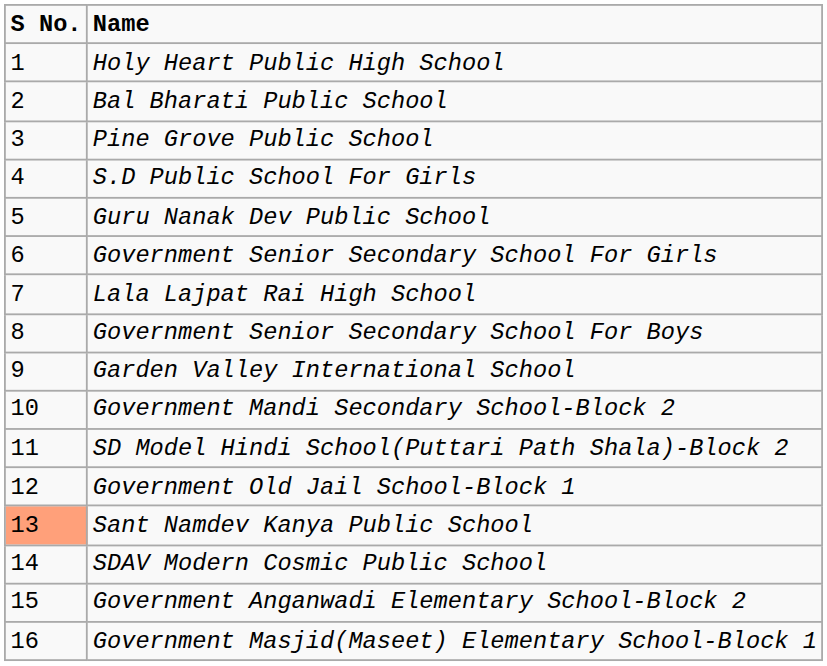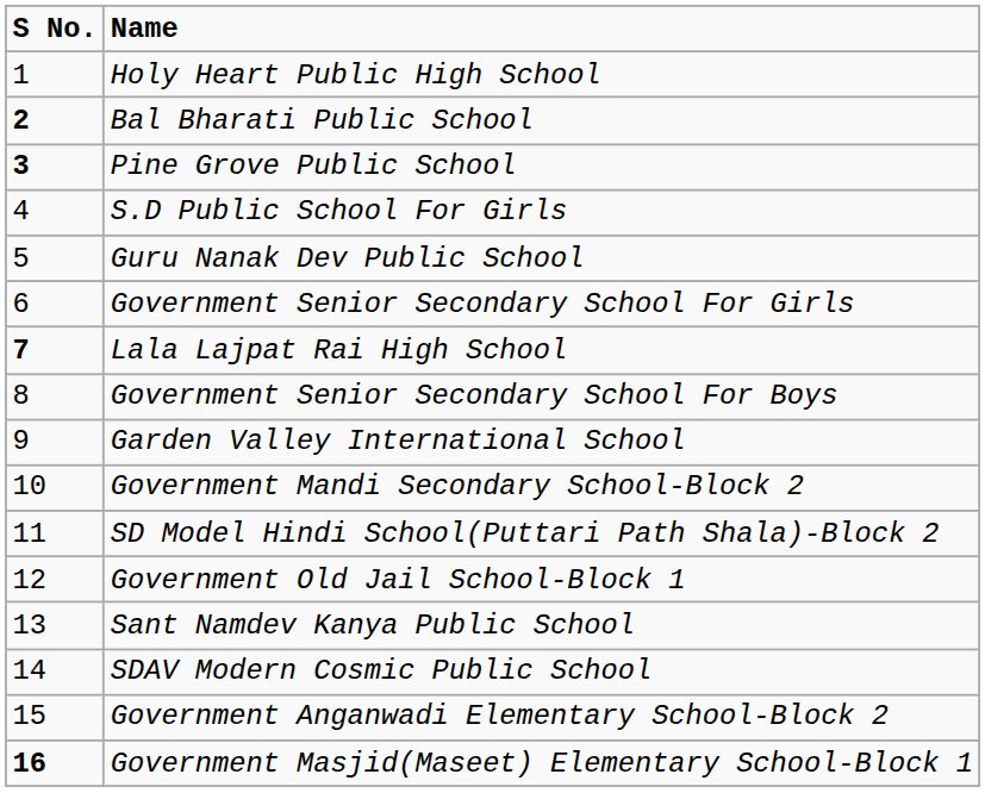 <table class="wikitable">
 <tr>
 <td><strong>S No.</strong></td>
 <td><strong>Name</strong></td>
 </tr>
 <tr>
 <td>1</td>
 <td><em>Holy Heart Public High School</em></td>
 </tr>
 <tr>
-<td>2</td>
+<td><strong>2</strong></td>
 <td><em>Bal Bharati Public School</em></td>
 </tr>
 <tr>
-<td>3</td>
+<td><strong>3</strong></td>
 <td><em>Pine Grove Public School</em></td>
 </tr>
 <tr>
 <td>4</td>
 <td><em>S.D Public School For Girls</em></td>
 </tr>
 <tr>
 <td>5</td>
 <td><em>Guru Nanak Dev Public School</em></td>
 </tr>
 <tr>
 <td>6</td>
 <td><em>Government Senior Secondary School For Girls</em></td>
 </tr>
 <tr>
-<td>7</td>
+<td><strong>7</strong></td>
 <td><em>Lala Lajpat Rai High School</em></td>
 </tr>
 <tr>
 <td>8</td>
 <td><em>Government Senior Secondary School For Boys</em></td>
 </tr>
 <tr>
 <td>9</td>
 <td><em>Garden Valley International School</em></td>
 </tr>
 <tr>
 <td>10</td>
 <td><em>Government Mandi Secondary School-Block 2</em></td>
 </tr>
 <tr>
 <td>11</td>
 <td><em>SD Model Hindi School(Puttari Path Shala)-Block 2</em></td>
 </tr>
 <tr>
 <td>12</td>
 <td><em>Government Old Jail School-Block 1</em></td>
 </tr>
 <tr>
-<td style="background: lightsalmon;">13</td>
+<td>13</td>
 <td><em>Sant Namdev Kanya Public School</em></td>
 </tr>
 <tr>
 <td>14</td>
 <td><em>SDAV Modern Cosmic Public School</em></td>
 </tr>
 <tr>
 <td>15</td>
 <td><em>Government Anganwadi Elementary School-Block 2</em></td>
 </tr>
 <tr>
-<td>16</td>
+<td><strong>16</strong></td>
 <td><em>Government Masjid(Maseet) Elementary School-Block 1</em></td>
 </tr>
 </table>
